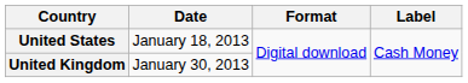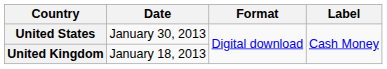 <table class="wikitable plainrowheaders">
 <tr>
 <th scope="col">Country</th>
 <th scope="col">Date</th>
 <th scope="col">Format</th>
 <th scope="col">Label</th>
 </tr>
 <tr>
 <th scope="row">United States</th>
-<td>January 18, 2013</td>
+<td>January 30, 2013</td>
 <td rowspan="2"><a href='#'>Digital download</a></td>
 <td rowspan="2"><a href='#'>Cash Money</a></td>
 </tr>
 <tr>
 <th scope="row">United Kingdom</th>
-<td>January 30, 2013</td>
+<td>January 18, 2013</td>
 </tr>
 </table>
